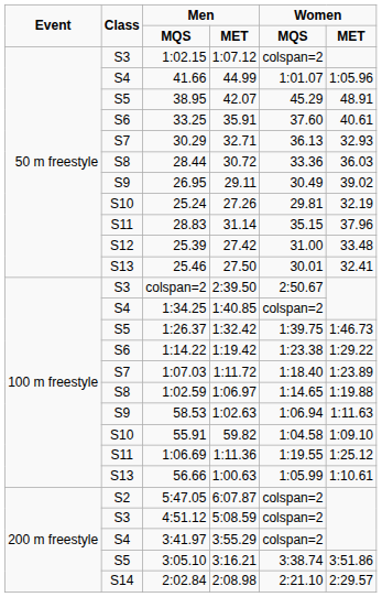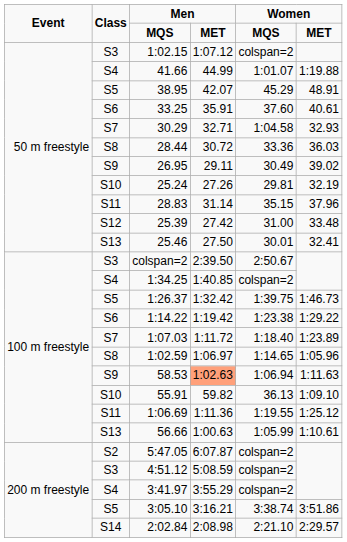 <table class="wikitable" style="text-align:right">
 <tr>
 <td align="center" rowspan="2"><strong>Event</strong></td>
 <td align="center" rowspan="2"><strong>Class</strong></td>
 <td align="center" colspan="2"><strong>Men</strong></td>
 <td align="center" colspan="2"><strong>Women</strong></td>
 </tr>
 <tr>
 <td align="center"><strong>MQS</strong></td>
 <td align="center"><strong>MET</strong></td>
 <td align="center"><strong>MQS</strong></td>
 <td align="center"><strong>MET</strong></td>
 </tr>
 <tr>
 <td rowspan="11">50 m freestyle</td>
 <td align="center">S3</td>
 <td>1:02.15</td>
 <td>1:07.12</td>
 <td>colspan=2 </td>
 </tr>
 <tr>
 <td align="center">S4</td>
 <td>41.66</td>
 <td>44.99</td>
 <td>1:01.07</td>
-<td>1:05.96</td>
+<td>1:19.88</td>
 </tr>
 <tr>
 <td align="center">S5</td>
 <td>38.95</td>
 <td>42.07</td>
 <td>45.29</td>
 <td>48.91</td>
 </tr>
 <tr>
 <td align="center">S6</td>
 <td>33.25</td>
 <td>35.91</td>
 <td>37.60</td>
 <td>40.61</td>
 </tr>
 <tr>
 <td align="center">S7</td>
 <td>30.29</td>
 <td>32.71</td>
-<td>36.13</td>
+<td>1:04.58</td>
 <td>32.93</td>
 </tr>
 <tr>
 <td align="center">S8</td>
 <td>28.44</td>
 <td>30.72</td>
 <td>33.36</td>
 <td>36.03</td>
 </tr>
 <tr>
 <td align="center">S9</td>
 <td>26.95</td>
 <td>29.11</td>
 <td>30.49</td>
 <td>39.02</td>
 </tr>
 <tr>
 <td align="center">S10</td>
 <td>25.24</td>
 <td>27.26</td>
 <td>29.81</td>
 <td>32.19</td>
 </tr>
 <tr>
 <td align="center">S11</td>
 <td>28.83</td>
 <td>31.14</td>
 <td>35.15</td>
 <td>37.96</td>
 </tr>
 <tr>
 <td align="center">S12</td>
 <td>25.39</td>
 <td>27.42</td>
 <td>31.00</td>
 <td>33.48</td>
 </tr>
 <tr>
 <td align="center">S13</td>
 <td>25.46</td>
 <td>27.50</td>
 <td>30.01</td>
 <td>32.41</td>
 </tr>
 <tr>
 <td rowspan="10">100 m freestyle</td>
 <td align="center">S3</td>
 <td>colspan=2 </td>
 <td>2:39.50</td>
 <td>2:50.67</td>
 </tr>
 <tr>
 <td align="center">S4</td>
 <td>1:34.25</td>
 <td>1:40.85</td>
 <td>colspan=2 </td>
 </tr>
 <tr>
 <td align="center">S5</td>
 <td>1:26.37</td>
 <td>1:32.42</td>
 <td>1:39.75</td>
 <td>1:46.73</td>
 </tr>
 <tr>
 <td align="center">S6</td>
 <td>1:14.22</td>
 <td>1:19.42</td>
 <td>1:23.38</td>
 <td>1:29.22</td>
 </tr>
 <tr>
 <td align="center">S7</td>
 <td>1:07.03</td>
 <td>1:11.72</td>
 <td>1:18.40</td>
 <td>1:23.89</td>
 </tr>
 <tr>
 <td align="center">S8</td>
 <td>1:02.59</td>
 <td>1:06.97</td>
 <td>1:14.65</td>
-<td>1:19.88</td>
+<td>1:05.96</td>
 </tr>
 <tr>
 <td align="center">S9</td>
 <td>58.53</td>
-<td>1:02.63</td>
+<td style="background: lightsalmon;">1:02.63</td>
 <td>1:06.94</td>
 <td>1:11.63</td>
 </tr>
 <tr>
 <td align="center">S10</td>
 <td>55.91</td>
 <td>59.82</td>
-<td>1:04.58</td>
+<td>36.13</td>
 <td>1:09.10</td>
 </tr>
 <tr>
 <td align="center">S11</td>
 <td>1:06.69</td>
 <td>1:11.36</td>
 <td>1:19.55</td>
 <td>1:25.12</td>
 </tr>
 <tr>
 <td align="center">S13</td>
 <td>56.66</td>
 <td>1:00.63</td>
 <td>1:05.99</td>
 <td>1:10.61</td>
 </tr>
 <tr>
 <td rowspan="5">200 m freestyle</td>
 <td align="center">S2</td>
 <td>5:47.05</td>
 <td>6:07.87</td>
 <td>colspan=2 </td>
 </tr>
 <tr>
 <td align="center">S3</td>
 <td>4:51.12</td>
 <td>5:08.59</td>
 <td>colspan=2 </td>
 </tr>
 <tr>
 <td align="center">S4</td>
 <td>3:41.97</td>
 <td>3:55.29</td>
 <td>colspan=2 </td>
 </tr>
 <tr>
 <td align="center">S5</td>
 <td>3:05.10</td>
 <td>3:16.21</td>
 <td>3:38.74</td>
 <td>3:51.86</td>
 </tr>
 <tr>
 <td align="center">S14</td>
 <td>2:02.84</td>
 <td>2:08.98</td>
 <td>2:21.10</td>
 <td>2:29.57</td>
 </tr>
 </table>
